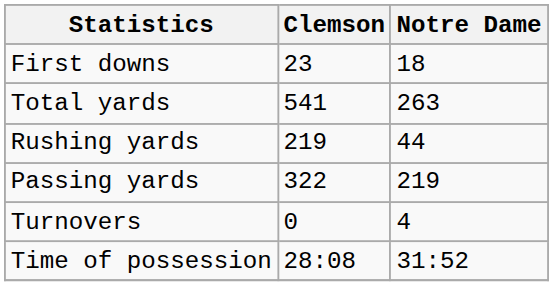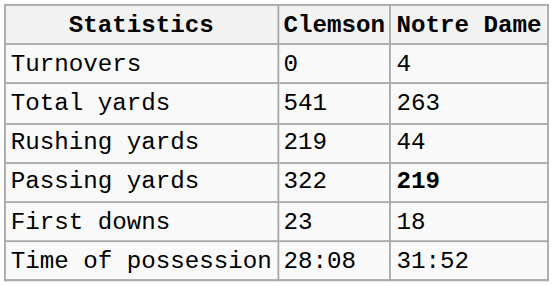 <table class="wikitable">
 <tr>
 <th>Statistics</th>
 <th>Clemson</th>
 <th>Notre Dame</th>
 </tr>
 <tr>
-<td>First downs</td>
-<td>23</td>
-<td>18</td>
+<td>Turnovers</td>
+<td>0</td>
+<td>4</td>
 </tr>
 <tr>
 <td>Total yards</td>
 <td>541</td>
 <td>263</td>
 </tr>
 <tr>
 <td>Rushing yards</td>
 <td>219</td>
 <td>44</td>
 </tr>
 <tr>
 <td>Passing yards</td>
 <td>322</td>
-<td>219</td>
+<td><strong>219</strong></td>
 </tr>
 <tr>
-<td>Turnovers</td>
-<td>0</td>
-<td>4</td>
+<td>First downs</td>
+<td>23</td>
+<td>18</td>
 </tr>
 <tr>
 <td>Time of possession</td>
 <td>28:08</td>
 <td>31:52</td>
 </tr>
 <tr>
 </tr>
 </table>
